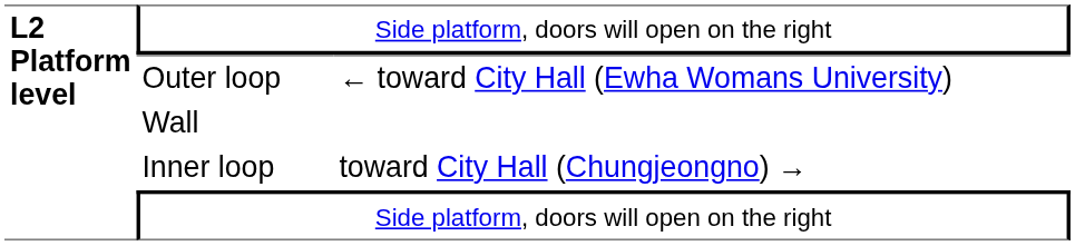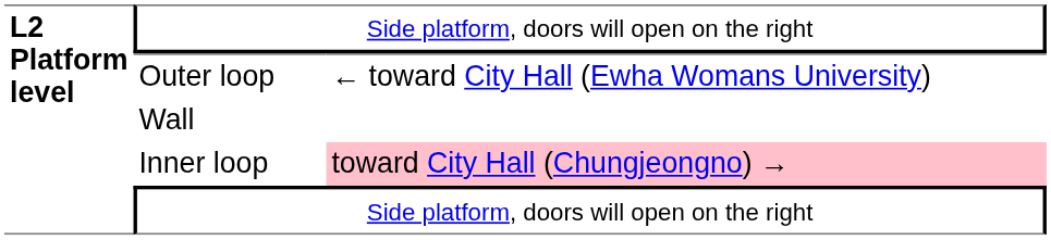 <table table border=0 cellspacing=0 cellpadding=3>
 <tr>
 <td style="border-top:solid 1px gray;border-bottom:solid 1px gray;" width=50 rowspan=10 valign=top><strong>L2<br>Platform level</strong></td>
 <td style="border-top:solid 1px gray;border-right:solid 2px black;border-left:solid 2px black;border-bottom:solid 2px black;text-align:center;" colspan=2><small><a href='#'>Side platform</a>, doors will open on the right </small></td>
 </tr>
 <tr>
 <td style="border-bottom:solid 0px gray;border-top:solid 1px gray;" width=100>Outer loop</td>
 <td style="border-bottom:solid 0px gray;border-top:solid 1px gray;" width=390>←  toward <a href='#'>City Hall</a> (<a href='#'>Ewha Womans University</a>)</td>
 </tr>
 <tr>
 <td>Wall</td>
 </tr>
 <tr>
 <td>Inner loop</td>
-<td>  toward <a href='#'>City Hall</a> (<a href='#'>Chungjeongno</a>) →</td>
+<td style="background: pink;">  toward <a href='#'>City Hall</a> (<a href='#'>Chungjeongno</a>) →</td>
 </tr>
 <tr>
 <td style="border-top:solid 2px black;border-right:solid 2px black;border-left:solid 2px black;border-bottom:solid 1px gray;text-align:center;" colspan=2><small><a href='#'>Side platform</a>, doors will open on the right </small></td>
 </tr>
 </table>
